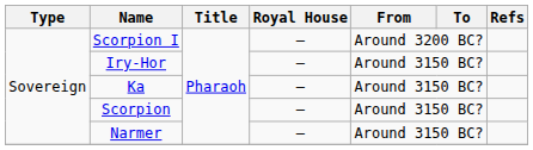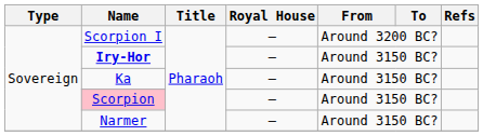 <table style="text-align:center;" class="wikitable">
 <tr>
 <th>Type</th>
 <th>Name</th>
 <th>Title</th>
 <th>Royal House</th>
 <th>From</th>
 <th>To</th>
 <th>Refs</th>
 </tr>
 <tr>
 <td rowspan="5">Sovereign</td>
 <td><a href='#'>Scorpion I</a></td>
 <td rowspan="5"><a href='#'>Pharaoh</a></td>
 <td>—</td>
 <td colspan="2">Around 3200 BC?</td>
 <td></td>
 </tr>
 <tr>
-<td><a href='#'>Iry-Hor</a></td>
+<td><strong><a href='#'>Iry-Hor</a></strong></td>
 <td>—</td>
 <td colspan="2">Around 3150 BC?</td>
 <td></td>
 </tr>
 <tr>
 <td><a href='#'>Ka</a></td>
 <td>—</td>
 <td colspan="2">Around 3150 BC?</td>
 <td></td>
 </tr>
 <tr>
-<td><a href='#'>Scorpion</a></td>
+<td style="background: pink;"><a href='#'>Scorpion</a></td>
 <td>—</td>
 <td colspan="2">Around 3150 BC?</td>
 <td></td>
 </tr>
 <tr>
 <td><a href='#'>Narmer</a></td>
 <td>—</td>
 <td colspan="2">Around 3150 BC?</td>
 <td></td>
 </tr>
 <tr>
 </tr>
 </table>
